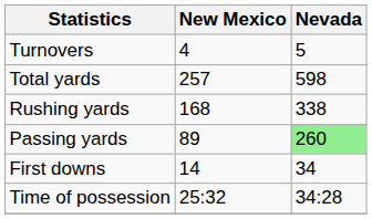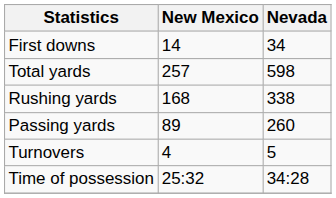 <table class="wikitable">
 <tr>
 <th>Statistics</th>
 <th>New Mexico</th>
 <th>Nevada</th>
 </tr>
 <tr>
-<td>Turnovers</td>
-<td>4</td>
-<td>5</td>
+<td>First downs</td>
+<td>14</td>
+<td>34</td>
 </tr>
 <tr>
 <td>Total yards</td>
 <td>257</td>
 <td>598</td>
 </tr>
 <tr>
 <td>Rushing yards</td>
 <td>168</td>
 <td>338</td>
 </tr>
 <tr>
 <td>Passing yards</td>
 <td>89</td>
-<td style="background: lightgreen;">260</td>
+<td>260</td>
 </tr>
 <tr>
-<td>First downs</td>
-<td>14</td>
-<td>34</td>
+<td>Turnovers</td>
+<td>4</td>
+<td>5</td>
 </tr>
 <tr>
 <td>Time of possession</td>
 <td>25:32</td>
 <td>34:28</td>
 </tr>
 <tr>
 </tr>
 </table>
